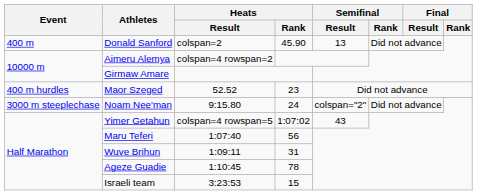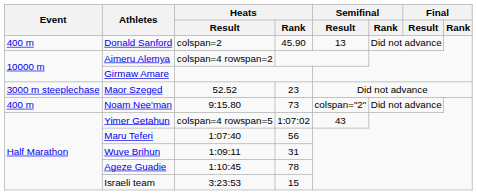 <table class="wikitable" border="1" style="font-size:90%">
 <tr>
 <th rowspan=2>Event</th>
 <th rowspan=2>Athletes</th>
 <th colspan=2>Heats</th>
 <th colspan=2>Semifinal</th>
 <th colspan=2>Final</th>
 </tr>
 <tr>
 <th>Result</th>
 <th>Rank</th>
 <th>Result</th>
 <th>Rank</th>
 <th>Result</th>
 <th>Rank</th>
 </tr>
 <tr>
 <td><a href='#'>400 m</a></td>
 <td><a href='#'>Donald Sanford</a></td>
 <td>colspan=2 </td>
 <td align="center">45.90</td>
 <td align="center">13</td>
 <td colspan="2" align="center">Did not advance</td>
 </tr>
 <tr>
 <td rowspan=2><a href='#'>10000 m</a></td>
 <td><a href='#'>Aimeru Alemya</a></td>
 <td>colspan=4 rowspan=2 </td>
 <td colspan=2 align="center"></td>
 </tr>
 <tr>
 <td><a href='#'>Girmaw Amare</a></td>
 <td colspan=2 align="center"></td>
 </tr>
 <tr>
-<td><a href='#'>400 m hurdles</a></td>
+<td><a href='#'>3000 m steeplechase</a></td>
 <td><a href='#'>Maor Szeged</a></td>
 <td align=center>52.52</td>
 <td align=center>23</td>
 <td colspan="4" align="center">Did not advance</td>
 </tr>
 <tr>
-<td><a href='#'>3000 m steeplechase</a></td>
+<td><a href='#'>400 m</a></td>
 <td><a href='#'>Noam Nee'man</a></td>
 <td align=center>9:15.80</td>
-<td align=center>24</td>
+<td align=center>73</td>
 <td>colspan="2" </td>
 <td colspan="2" align="center">Did not advance</td>
 </tr>
 <tr>
 <td rowspan=5><a href='#'>Half Marathon</a></td>
 <td><a href='#'>Yimer Getahun</a></td>
 <td>colspan=4 rowspan=5 </td>
 <td align=center>1:07:02 <strong></strong></td>
 <td align=center>43</td>
 </tr>
 <tr>
 <td><a href='#'>Maru Teferi</a></td>
 <td align=center>1:07:40</td>
 <td align=center>56</td>
 </tr>
 <tr>
 <td><a href='#'>Wuve Brihun</a></td>
 <td align=center>1:09:11</td>
 <td align=center>31</td>
 </tr>
 <tr>
 <td><a href='#'>Ageze Guadie</a></td>
 <td align=center>1:10:45</td>
 <td align=center>78</td>
 </tr>
 <tr>
 <td>Israeli team</td>
 <td align=center>3:23:53</td>
 <td align=center>15</td>
 </tr>
 </table>
